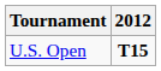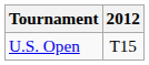 <table class="wikitable" style="font-size:95%;">
 <tr>
 <th>Tournament</th>
 <th>2012</th>
 </tr>
 <tr>
 <td><a href='#'>U.S. Open</a></td>
-<td align="center"><strong>T15</strong></td>
+<td align="center">T15</td>
 </tr>
 </table>
